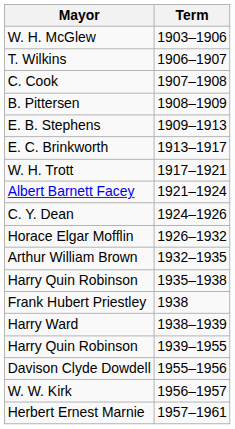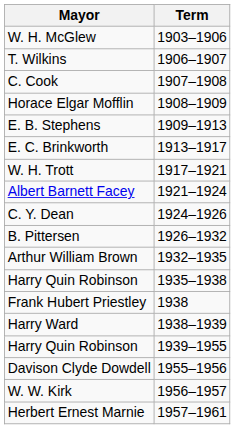 <table class="wikitable">
 <tr>
 <th>Mayor</th>
 <th>Term</th>
 </tr>
 <tr>
 <td>W. H. McGlew</td>
 <td>1903–1906</td>
 </tr>
 <tr>
 <td>T. Wilkins</td>
 <td>1906–1907</td>
 </tr>
 <tr>
 <td>C. Cook</td>
 <td>1907–1908</td>
 </tr>
 <tr>
-<td>B. Pittersen</td>
+<td>Horace Elgar Mofflin</td>
 <td>1908–1909</td>
 </tr>
 <tr>
 <td>E. B. Stephens</td>
 <td>1909–1913</td>
 </tr>
 <tr>
 <td>E. C. Brinkworth</td>
 <td>1913–1917</td>
 </tr>
 <tr>
 <td>W. H. Trott</td>
 <td>1917–1921</td>
 </tr>
 <tr>
 <td><a href='#'>Albert Barnett Facey</a></td>
 <td>1921–1924</td>
 </tr>
 <tr>
 <td>C. Y. Dean</td>
 <td>1924–1926</td>
 </tr>
 <tr>
-<td>Horace Elgar Mofflin</td>
+<td>B. Pittersen</td>
 <td>1926–1932</td>
 </tr>
 <tr>
 <td>Arthur William Brown</td>
 <td>1932–1935</td>
 </tr>
 <tr>
 <td>Harry Quin Robinson</td>
 <td>1935–1938</td>
 </tr>
 <tr>
 <td>Frank Hubert Priestley</td>
 <td>1938</td>
 </tr>
 <tr>
 <td>Harry Ward</td>
 <td>1938–1939</td>
 </tr>
 <tr>
 <td>Harry Quin Robinson</td>
 <td>1939–1955</td>
 </tr>
 <tr>
 <td>Davison Clyde Dowdell</td>
 <td>1955–1956</td>
 </tr>
 <tr>
 <td>W. W. Kirk</td>
 <td>1956–1957</td>
 </tr>
 <tr>
 <td>Herbert Ernest Marnie</td>
 <td>1957–1961</td>
 </tr>
 </table>
